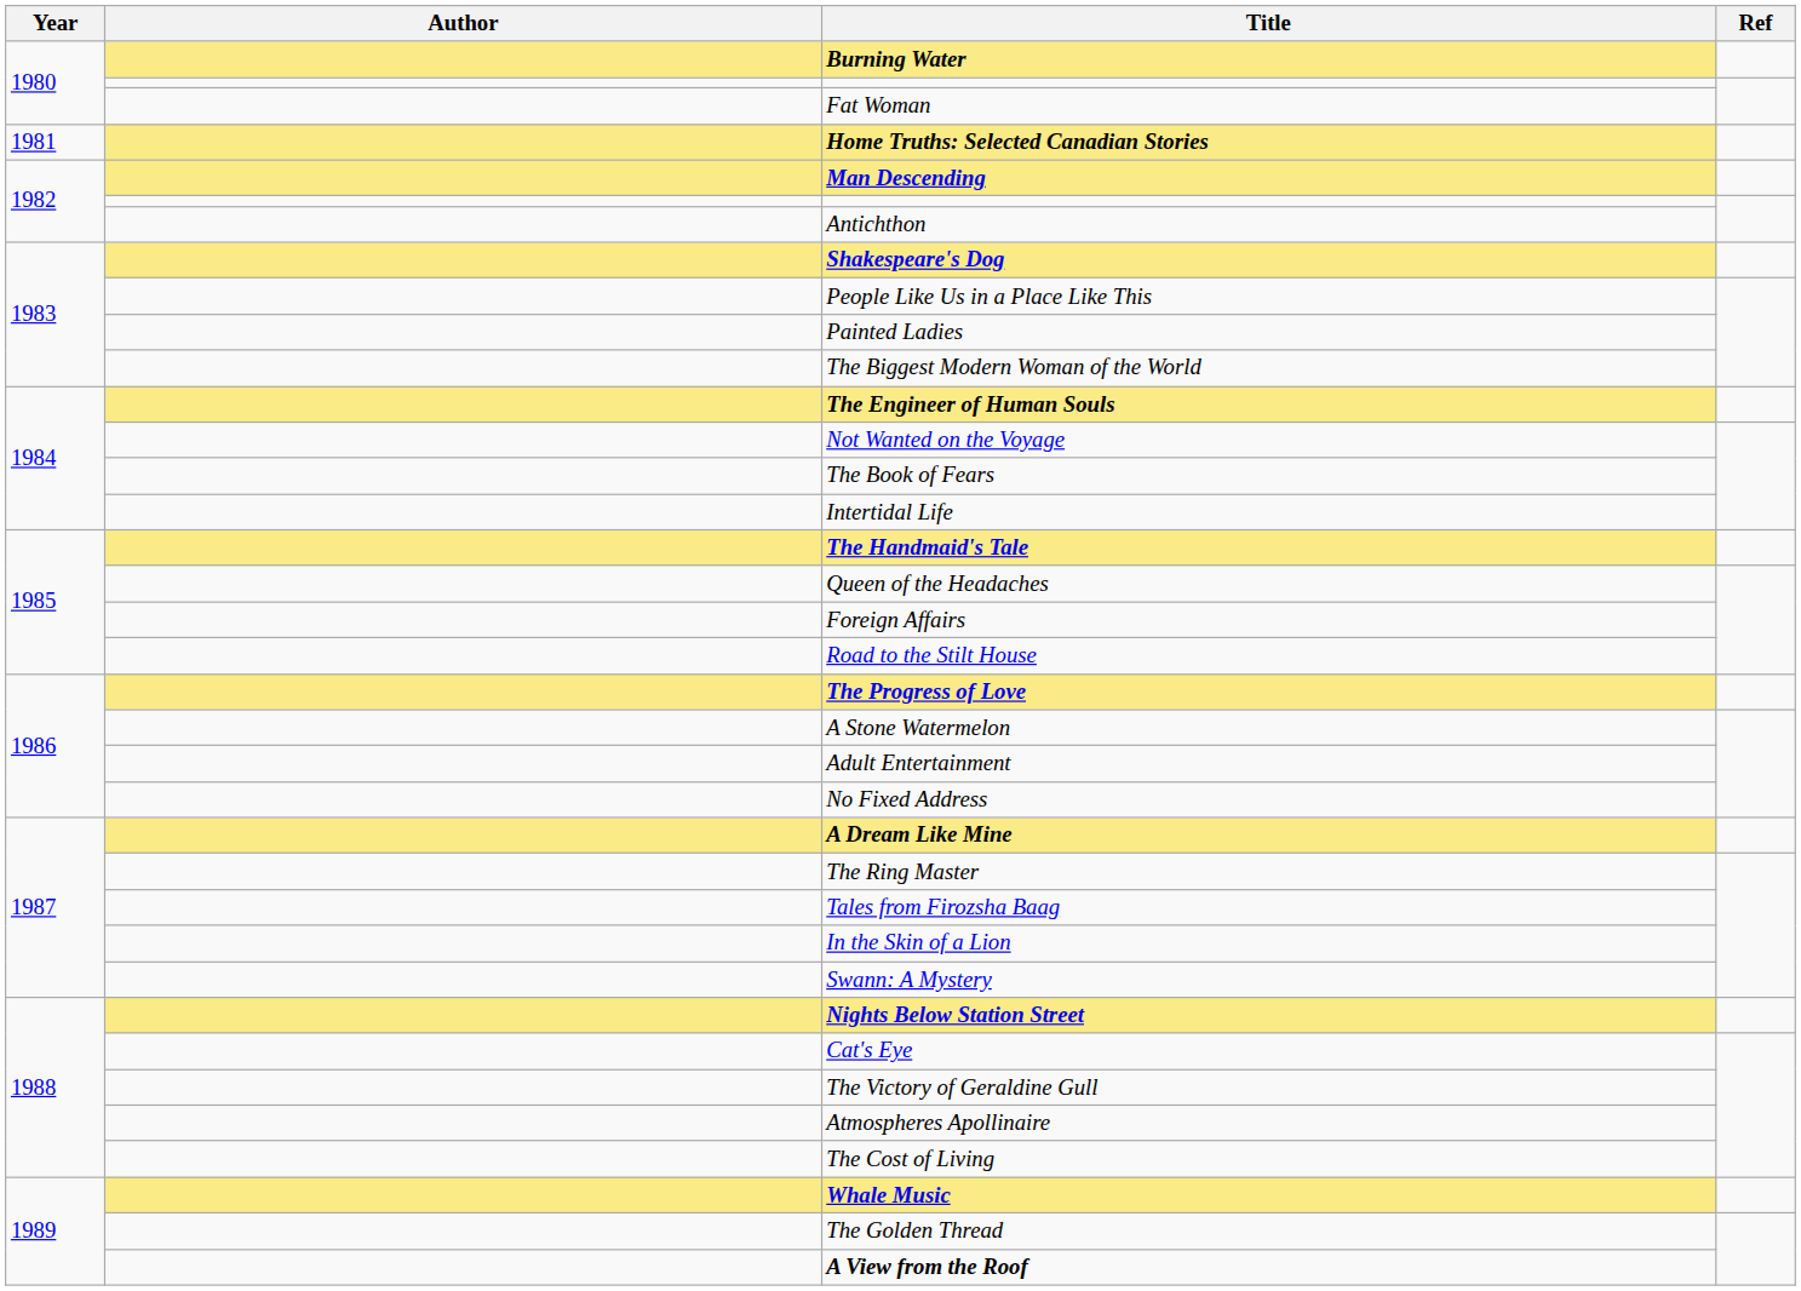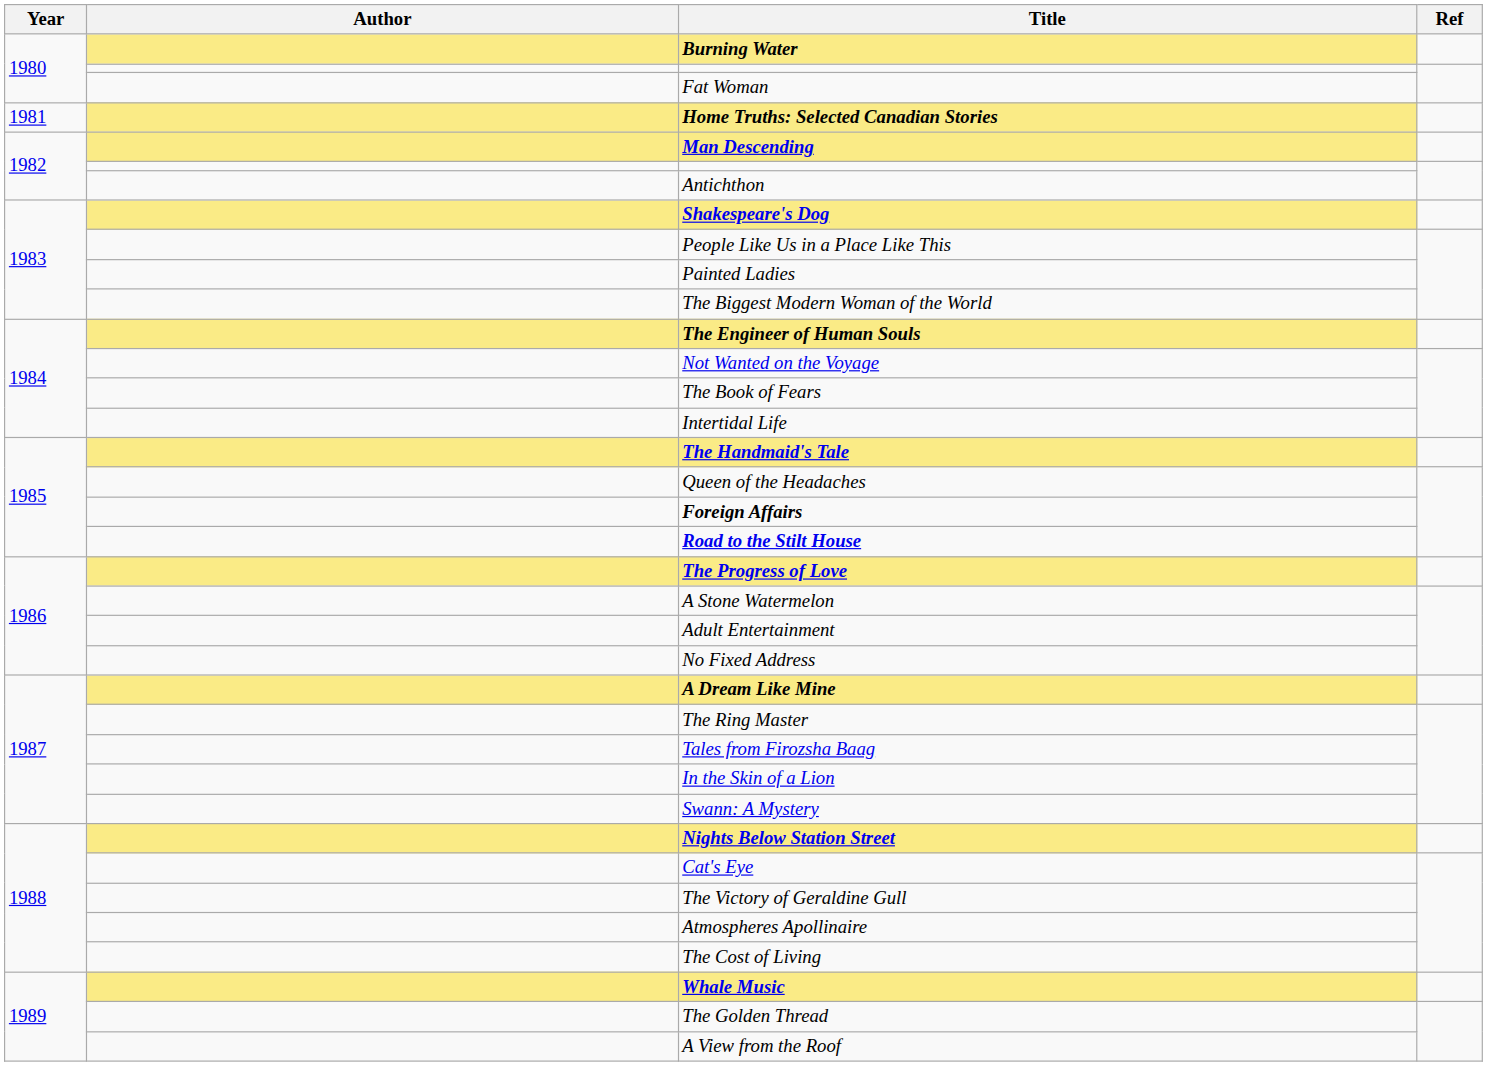 <table class="wikitable sortable mw-collapsible" width="100%">
 <tr>
 <th>Year</th>
 <th width="40%">Author</th>
 <th width="50%">Title</th>
 <th>Ref</th>
 </tr>
 <tr>
 <td rowspan="3"><a href='#'>1980</a></td>
 <td style="background:#FAEB86"><strong></strong></td>
 <td style="background:#FAEB86"><strong><em>Burning Water</em></strong></td>
 <td></td>
 </tr>
 <tr>
 <td></td>
 <td><em></em></td>
 <td rowspan=2></td>
 </tr>
 <tr>
 <td></td>
 <td><em>Fat Woman</em></td>
 </tr>
 <tr>
 <td><a href='#'>1981</a></td>
 <td style="background:#FAEB86"><strong> </strong></td>
 <td style="background:#FAEB86"><strong><em>Home Truths: Selected Canadian Stories</em></strong></td>
 <td></td>
 </tr>
 <tr>
 <td rowspan="3"><a href='#'>1982</a></td>
 <td style="background:#FAEB86"><strong></strong></td>
 <td style="background:#FAEB86"><strong><em><a href='#'>Man Descending</a></em></strong></td>
 <td></td>
 </tr>
 <tr>
 <td></td>
 <td><em></em></td>
 <td rowspan=2></td>
 </tr>
 <tr>
 <td></td>
 <td><em>Antichthon</em></td>
 </tr>
 <tr>
 <td rowspan="4"><a href='#'>1983</a></td>
 <td style="background:#FAEB86"><strong></strong></td>
 <td style="background:#FAEB86"><strong><em><a href='#'>Shakespeare's Dog</a></em></strong></td>
 <td></td>
 </tr>
 <tr>
 <td></td>
 <td><em>People Like Us in a Place Like This</em></td>
 <td rowspan=3></td>
 </tr>
 <tr>
 <td></td>
 <td><em>Painted Ladies</em></td>
 </tr>
 <tr>
 <td></td>
 <td><em>The Biggest Modern Woman of the World</em></td>
 </tr>
 <tr>
 <td rowspan="4"><a href='#'>1984</a></td>
 <td style="background:#FAEB86"><strong></strong></td>
 <td style="background:#FAEB86"><strong><em>The Engineer of Human Souls</em></strong></td>
 <td></td>
 </tr>
 <tr>
 <td></td>
 <td><em><a href='#'>Not Wanted on the Voyage</a></em></td>
 <td rowspan=3></td>
 </tr>
 <tr>
 <td></td>
 <td><em>The Book of Fears</em></td>
 </tr>
 <tr>
 <td></td>
 <td><em>Intertidal Life</em></td>
 </tr>
 <tr>
 <td rowspan="4"><a href='#'>1985</a></td>
 <td style="background:#FAEB86"><strong></strong></td>
 <td style="background:#FAEB86"><strong><em><a href='#'>The Handmaid's Tale</a></em></strong></td>
 <td></td>
 </tr>
 <tr>
 <td></td>
 <td><em>Queen of the Headaches</em></td>
 <td rowspan=3></td>
 </tr>
 <tr>
 <td></td>
-<td><em>Foreign Affairs</em></td>
+<td><strong><em>Foreign Affairs</em></strong></td>
 </tr>
 <tr>
 <td></td>
-<td><em><a href='#'>Road to the Stilt House</a></em></td>
+<td><strong><em><a href='#'>Road to the Stilt House</a></em></strong></td>
 </tr>
 <tr>
 <td rowspan="4"><a href='#'>1986</a></td>
 <td style="background:#FAEB86"><strong></strong></td>
 <td style="background:#FAEB86"><strong><em><a href='#'>The Progress of Love</a></em></strong></td>
 <td></td>
 </tr>
 <tr>
 <td></td>
 <td><em>A Stone Watermelon</em></td>
 <td rowspan=3></td>
 </tr>
 <tr>
 <td></td>
 <td><em>Adult Entertainment</em></td>
 </tr>
 <tr>
 <td></td>
 <td><em>No Fixed Address</em></td>
 </tr>
 <tr>
 <td rowspan="5"><a href='#'>1987</a></td>
 <td style="background:#FAEB86"><strong></strong></td>
 <td style="background:#FAEB86"><strong><em>A Dream Like Mine</em></strong></td>
 <td></td>
 </tr>
 <tr>
 <td></td>
 <td><em>The Ring Master</em></td>
 <td rowspan=4></td>
 </tr>
 <tr>
 <td></td>
 <td><em><a href='#'>Tales from Firozsha Baag</a></em></td>
 </tr>
 <tr>
 <td></td>
 <td><em><a href='#'>In the Skin of a Lion</a></em></td>
 </tr>
 <tr>
 <td></td>
 <td><em><a href='#'>Swann: A Mystery</a></em></td>
 </tr>
 <tr>
 <td rowspan="5"><a href='#'>1988</a></td>
 <td style="background:#FAEB86"><strong></strong></td>
 <td style="background:#FAEB86"><strong><em><a href='#'>Nights Below Station Street</a></em></strong></td>
 <td></td>
 </tr>
 <tr>
 <td></td>
 <td><em><a href='#'>Cat's Eye</a></em></td>
 <td rowspan=4></td>
 </tr>
 <tr>
 <td></td>
 <td><em>The Victory of Geraldine Gull</em></td>
 </tr>
 <tr>
 <td></td>
 <td><em>Atmospheres Apollinaire</em></td>
 </tr>
 <tr>
 <td></td>
 <td><em>The Cost of Living</em></td>
 </tr>
 <tr>
 <td rowspan="3"><a href='#'>1989</a></td>
 <td style="background:#FAEB86"><strong></strong></td>
 <td style="background:#FAEB86"><strong><em><a href='#'>Whale Music</a></em></strong></td>
 <td></td>
 </tr>
 <tr>
 <td></td>
 <td><em>The Golden Thread</em></td>
 <td rowspan=2></td>
 </tr>
 <tr>
 <td></td>
-<td><strong><em>A View from the Roof</em></strong></td>
+<td><em>A View from the Roof</em></td>
 </tr>
 </table>
